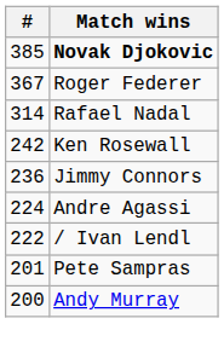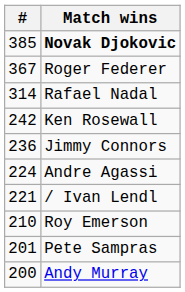 <table class=wikitable style="display:inline-table;">
 <tr>
 <th width=20>#</th>
 <th>Match wins</th>
 </tr>
 <tr>
 <td>385</td>
 <td> <strong>Novak Djokovic</strong></td>
 </tr>
 <tr>
 <td>367</td>
 <td> Roger Federer</td>
 </tr>
 <tr>
 <td>314</td>
 <td> Rafael Nadal</td>
 </tr>
 <tr>
 <td>242</td>
 <td> Ken Rosewall</td>
 </tr>
 <tr>
 <td>236</td>
 <td> Jimmy Connors</td>
 </tr>
 <tr>
 <td>224</td>
 <td> Andre Agassi</td>
 </tr>
 <tr>
-<td>222</td>
+<td>221</td>
 <td>/ Ivan Lendl</td>
+</tr>
+<tr>
+<td>210</td>
+<td> Roy Emerson</td>
 </tr>
 <tr>
 <td>201</td>
 <td> Pete Sampras</td>
 </tr>
 <tr>
 <td>200</td>
 <td> <a href='#'>Andy Murray</a></td>
 </tr>
 </table>
